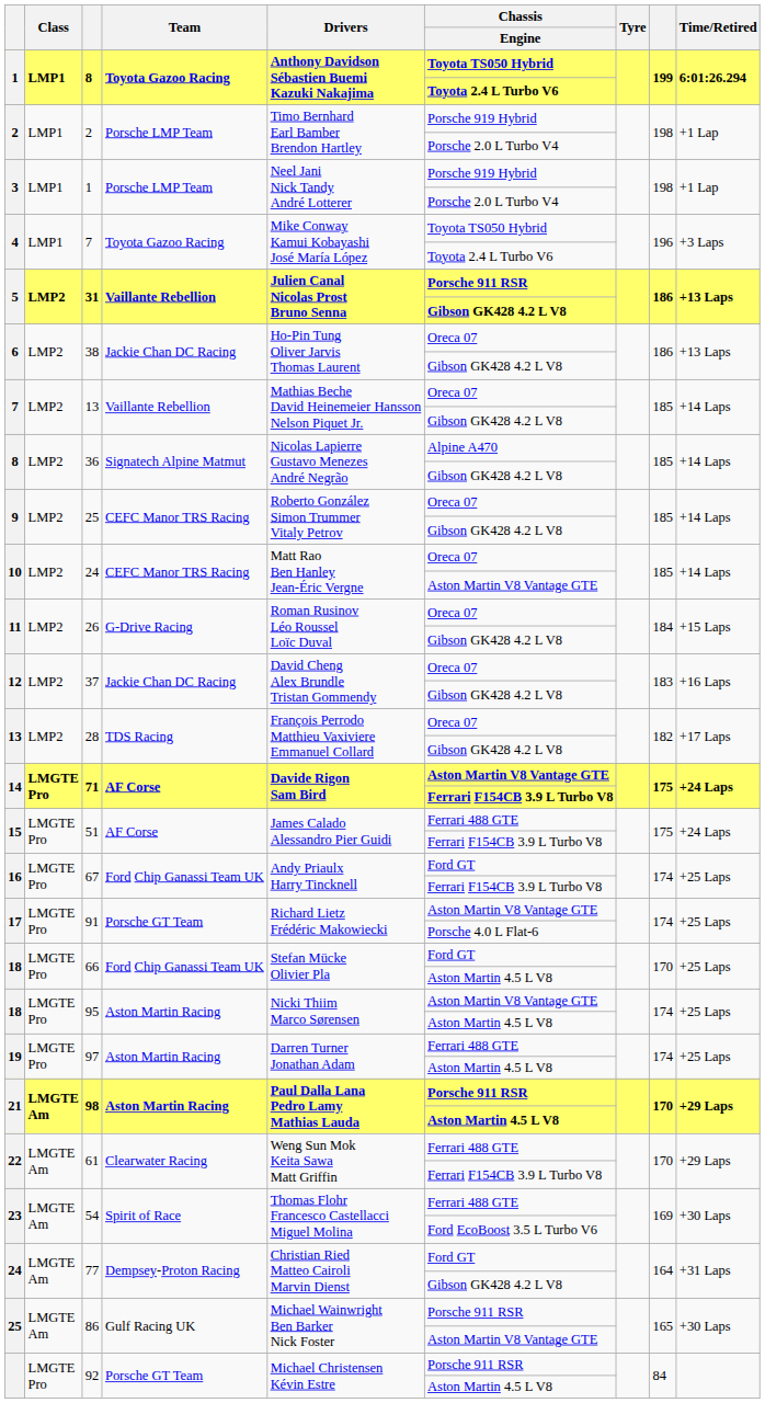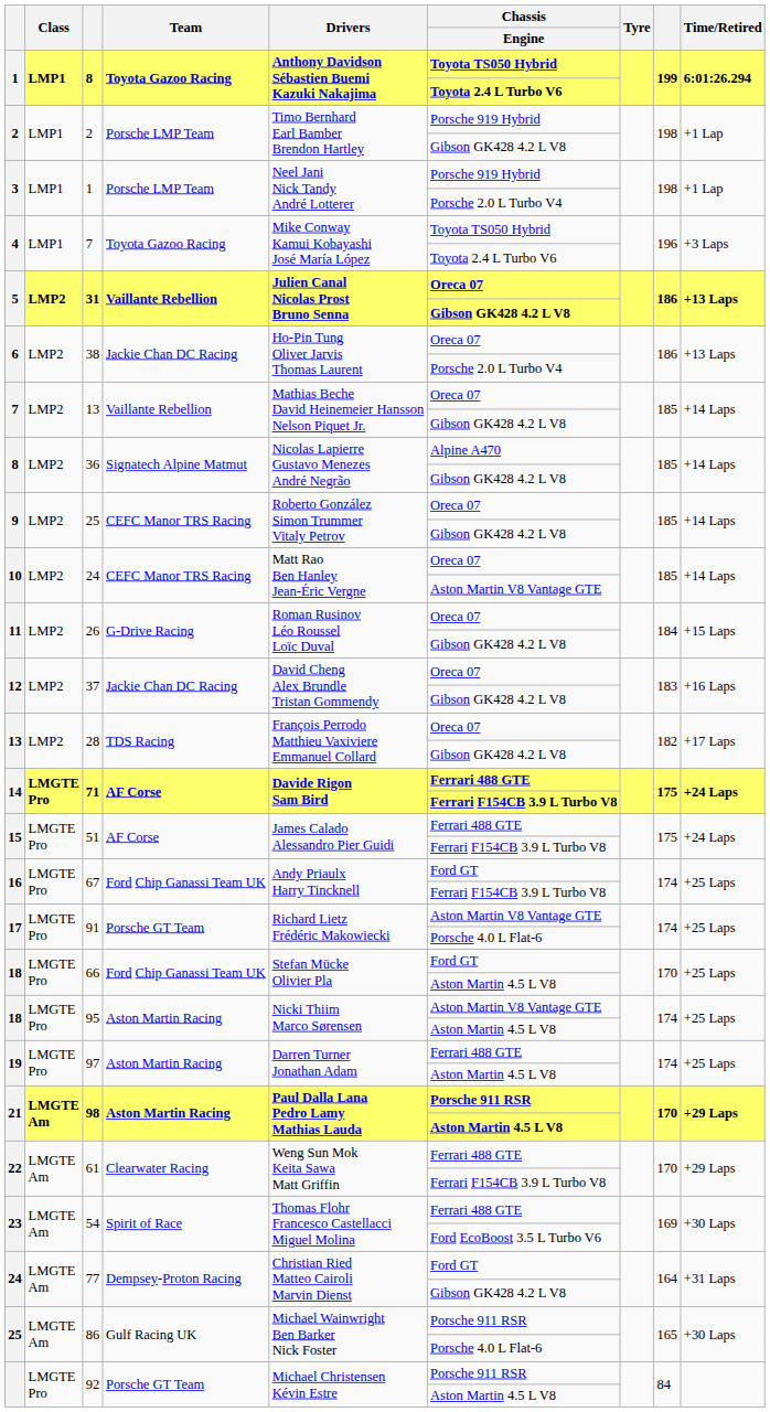 <table class="wikitable" style="font-size: 95%;">
 <tr>
 <th rowspan="2"></th>
 <th rowspan="2">Class</th>
 <th rowspan="2"></th>
 <th rowspan="2">Team</th>
 <th rowspan="2">Drivers</th>
 <th>Chassis</th>
 <th rowspan="2">Tyre</th>
 <th rowspan="2"></th>
 <th rowspan="2">Time/Retired</th>
 </tr>
 <tr>
 <th>Engine</th>
 </tr>
 <tr style="font-weight:bold" bgcolor="FFFF6B">
 <th rowspan=2>1</th>
 <td rowspan=2>LMP1</td>
 <td rowspan=2>8</td>
 <td rowspan=2> <a href='#'>Toyota Gazoo Racing</a></td>
 <td rowspan=2> <a href='#'>Anthony Davidson</a><br> <a href='#'>Sébastien Buemi</a><br> <a href='#'>Kazuki Nakajima</a></td>
 <td><a href='#'>Toyota TS050 Hybrid</a></td>
 <td rowspan=2></td>
 <td rowspan=2>199</td>
 <td rowspan=2>6:01:26.294</td>
 </tr>
 <tr style="font-weight:bold" bgcolor="FFFF6B">
 <td><a href='#'>Toyota</a> 2.4 L Turbo V6</td>
 </tr>
 <tr>
 <th rowspan=2>2</th>
 <td rowspan=2>LMP1</td>
 <td rowspan=2>2</td>
 <td rowspan=2> <a href='#'>Porsche LMP Team</a></td>
 <td rowspan=2> <a href='#'>Timo Bernhard</a><br> <a href='#'>Earl Bamber</a><br> <a href='#'>Brendon Hartley</a></td>
 <td><a href='#'>Porsche 919 Hybrid</a></td>
 <td rowspan=2></td>
 <td rowspan=2>198</td>
 <td rowspan=2>+1 Lap</td>
 </tr>
 <tr>
-<td><a href='#'>Porsche</a> 2.0 L Turbo V4</td>
+<td><a href='#'>Gibson</a> GK428 4.2 L V8</td>
 </tr>
 <tr>
 <th rowspan=2>3</th>
 <td rowspan=2>LMP1</td>
 <td rowspan=2>1</td>
 <td rowspan=2> <a href='#'>Porsche LMP Team</a></td>
 <td rowspan=2> <a href='#'>Neel Jani</a><br> <a href='#'>Nick Tandy</a><br> <a href='#'>André Lotterer</a></td>
 <td><a href='#'>Porsche 919 Hybrid</a></td>
 <td rowspan=2></td>
 <td rowspan=2>198</td>
 <td rowspan=2>+1 Lap</td>
 </tr>
 <tr>
 <td><a href='#'>Porsche</a> 2.0 L Turbo V4</td>
 </tr>
 <tr>
 <th rowspan=2>4</th>
 <td rowspan=2>LMP1</td>
 <td rowspan=2>7</td>
 <td rowspan=2> <a href='#'>Toyota Gazoo Racing</a></td>
 <td rowspan=2> <a href='#'>Mike Conway</a><br> <a href='#'>Kamui Kobayashi</a><br> <a href='#'>José María López</a></td>
 <td><a href='#'>Toyota TS050 Hybrid</a></td>
 <td rowspan=2></td>
 <td rowspan=2>196</td>
 <td rowspan=2>+3 Laps</td>
 </tr>
 <tr>
 <td><a href='#'>Toyota</a> 2.4 L Turbo V6</td>
 </tr>
 <tr style="font-weight:bold" bgcolor="FFFF6B">
 <th rowspan=2>5</th>
 <td rowspan=2>LMP2</td>
 <td rowspan=2>31</td>
 <td rowspan=2> <a href='#'>Vaillante Rebellion</a></td>
 <td rowspan=2> <a href='#'>Julien Canal</a><br> <a href='#'>Nicolas Prost</a><br> <a href='#'>Bruno Senna</a></td>
-<td><a href='#'>Porsche 911 RSR</a></td>
+<td><a href='#'>Oreca 07</a></td>
 <td rowspan=2></td>
 <td rowspan=2>186</td>
 <td rowspan=2>+13 Laps</td>
 </tr>
 <tr style="font-weight:bold" bgcolor="FFFF6B">
 <td><a href='#'>Gibson</a> GK428 4.2 L V8</td>
 </tr>
 <tr>
 <th rowspan=2>6</th>
 <td rowspan=2>LMP2</td>
 <td rowspan=2>38</td>
 <td rowspan=2> <a href='#'>Jackie Chan DC Racing</a></td>
 <td rowspan=2> <a href='#'>Ho-Pin Tung</a><br> <a href='#'>Oliver Jarvis</a><br> <a href='#'>Thomas Laurent</a></td>
 <td><a href='#'>Oreca 07</a></td>
 <td rowspan=2></td>
 <td rowspan=2>186</td>
 <td rowspan=2>+13 Laps</td>
 </tr>
 <tr>
-<td><a href='#'>Gibson</a> GK428 4.2 L V8</td>
+<td><a href='#'>Porsche</a> 2.0 L Turbo V4</td>
 </tr>
 <tr>
 <th rowspan=2>7</th>
 <td rowspan=2>LMP2</td>
 <td rowspan=2>13</td>
 <td rowspan=2> <a href='#'>Vaillante Rebellion</a></td>
 <td rowspan=2> <a href='#'>Mathias Beche</a><br> <a href='#'>David Heinemeier Hansson</a><br> <a href='#'>Nelson Piquet Jr.</a></td>
 <td><a href='#'>Oreca 07</a></td>
 <td rowspan=2></td>
 <td rowspan=2>185</td>
 <td rowspan=2>+14 Laps</td>
 </tr>
 <tr>
 <td><a href='#'>Gibson</a> GK428 4.2 L V8</td>
 </tr>
 <tr>
 <th rowspan=2>8</th>
 <td rowspan=2>LMP2</td>
 <td rowspan=2>36</td>
 <td rowspan=2> <a href='#'>Signatech Alpine Matmut</a></td>
 <td rowspan=2> <a href='#'>Nicolas Lapierre</a><br> <a href='#'>Gustavo Menezes</a><br> <a href='#'>André Negrão</a></td>
 <td><a href='#'>Alpine A470</a></td>
 <td rowspan=2></td>
 <td rowspan=2>185</td>
 <td rowspan=2>+14 Laps</td>
 </tr>
 <tr>
 <td><a href='#'>Gibson</a> GK428 4.2 L V8</td>
 </tr>
 <tr>
 <th rowspan=2>9</th>
 <td rowspan=2>LMP2</td>
 <td rowspan=2>25</td>
 <td rowspan=2> <a href='#'>CEFC Manor TRS Racing</a></td>
 <td rowspan=2> <a href='#'>Roberto González</a><br> <a href='#'>Simon Trummer</a><br> <a href='#'>Vitaly Petrov</a></td>
 <td><a href='#'>Oreca 07</a></td>
 <td rowspan=2></td>
 <td rowspan=2>185</td>
 <td rowspan=2>+14 Laps</td>
 </tr>
 <tr>
 <td><a href='#'>Gibson</a> GK428 4.2 L V8</td>
 </tr>
 <tr>
 <th rowspan=2>10</th>
 <td rowspan=2>LMP2</td>
 <td rowspan=2>24</td>
 <td rowspan=2> <a href='#'>CEFC Manor TRS Racing</a></td>
 <td rowspan=2> Matt Rao<br> <a href='#'>Ben Hanley</a><br> <a href='#'>Jean-Éric Vergne</a></td>
 <td><a href='#'>Oreca 07</a></td>
 <td rowspan=2></td>
 <td rowspan=2>185</td>
 <td rowspan=2>+14 Laps</td>
 </tr>
 <tr>
 <td><a href='#'>Aston Martin V8 Vantage GTE</a></td>
 </tr>
 <tr>
 <th rowspan=2>11</th>
 <td rowspan=2>LMP2</td>
 <td rowspan=2>26</td>
 <td rowspan=2> <a href='#'>G-Drive Racing</a></td>
 <td rowspan=2> <a href='#'>Roman Rusinov</a><br> <a href='#'>Léo Roussel</a><br> <a href='#'>Loïc Duval</a></td>
 <td><a href='#'>Oreca 07</a></td>
 <td rowspan=2></td>
 <td rowspan=2>184</td>
 <td rowspan=2>+15 Laps</td>
 </tr>
 <tr>
 <td><a href='#'>Gibson</a> GK428 4.2 L V8</td>
 </tr>
 <tr>
 <th rowspan=2>12</th>
 <td rowspan=2>LMP2</td>
 <td rowspan=2>37</td>
 <td rowspan=2> <a href='#'>Jackie Chan DC Racing</a></td>
 <td rowspan=2> <a href='#'>David Cheng</a><br> <a href='#'>Alex Brundle</a><br> <a href='#'>Tristan Gommendy</a></td>
 <td><a href='#'>Oreca 07</a></td>
 <td rowspan=2></td>
 <td rowspan=2>183</td>
 <td rowspan=2>+16 Laps</td>
 </tr>
 <tr>
 <td><a href='#'>Gibson</a> GK428 4.2 L V8</td>
 </tr>
 <tr>
 <th rowspan=2>13</th>
 <td rowspan=2>LMP2</td>
 <td rowspan=2>28</td>
 <td rowspan=2> <a href='#'>TDS Racing</a></td>
 <td rowspan=2> <a href='#'>François Perrodo</a><br> <a href='#'>Matthieu Vaxiviere</a><br> <a href='#'>Emmanuel Collard</a></td>
 <td><a href='#'>Oreca 07</a></td>
 <td rowspan=2></td>
 <td rowspan=2>182</td>
 <td rowspan=2>+17 Laps</td>
 </tr>
 <tr>
 <td><a href='#'>Gibson</a> GK428 4.2 L V8</td>
 </tr>
 <tr style="font-weight:bold" bgcolor="FFFF6B">
 <th rowspan=2>14</th>
 <td rowspan=2>LMGTE<br>Pro</td>
 <td rowspan=2>71</td>
 <td rowspan=2> <a href='#'>AF Corse</a></td>
 <td rowspan=2> <a href='#'>Davide Rigon</a><br> <a href='#'>Sam Bird</a></td>
-<td><a href='#'>Aston Martin V8 Vantage GTE</a></td>
+<td><a href='#'>Ferrari 488 GTE</a></td>
 <td rowspan=2></td>
 <td rowspan=2>175</td>
 <td rowspan=2>+24 Laps</td>
 </tr>
 <tr style="font-weight:bold" bgcolor="FFFF6B">
 <td><a href='#'>Ferrari</a> <a href='#'>F154CB</a> 3.9 L Turbo V8</td>
 </tr>
 <tr>
 <th rowspan=2>15</th>
 <td rowspan=2>LMGTE<br>Pro</td>
 <td rowspan=2>51</td>
 <td rowspan=2> <a href='#'>AF Corse</a></td>
 <td rowspan=2> <a href='#'>James Calado</a><br> <a href='#'>Alessandro Pier Guidi</a></td>
 <td><a href='#'>Ferrari 488 GTE</a></td>
 <td rowspan=2></td>
 <td rowspan=2>175</td>
 <td rowspan=2>+24 Laps</td>
 </tr>
 <tr>
 <td><a href='#'>Ferrari</a> <a href='#'>F154CB</a> 3.9 L Turbo V8</td>
 </tr>
 <tr>
 <th rowspan=2>16</th>
 <td rowspan=2>LMGTE<br>Pro</td>
 <td rowspan=2>67</td>
 <td rowspan=2> <a href='#'>Ford</a> <a href='#'>Chip Ganassi Team UK</a></td>
 <td rowspan=2> <a href='#'>Andy Priaulx</a><br> <a href='#'>Harry Tincknell</a></td>
 <td><a href='#'>Ford GT</a></td>
 <td rowspan=2></td>
 <td rowspan=2>174</td>
 <td rowspan=2>+25 Laps</td>
 </tr>
 <tr>
 <td><a href='#'>Ferrari</a> <a href='#'>F154CB</a> 3.9 L Turbo V8</td>
 </tr>
 <tr>
 <th rowspan=2>17</th>
 <td rowspan=2>LMGTE<br>Pro</td>
 <td rowspan=2>91</td>
 <td rowspan=2> <a href='#'>Porsche GT Team</a></td>
 <td rowspan=2> <a href='#'>Richard Lietz</a><br> <a href='#'>Frédéric Makowiecki</a></td>
 <td><a href='#'>Aston Martin V8 Vantage GTE</a></td>
 <td rowspan=2></td>
 <td rowspan=2>174</td>
 <td rowspan=2>+25 Laps</td>
 </tr>
 <tr>
 <td><a href='#'>Porsche</a> 4.0 L Flat-6</td>
 </tr>
 <tr>
 <th rowspan=2>18</th>
 <td rowspan=2>LMGTE<br>Pro</td>
 <td rowspan=2>66</td>
 <td rowspan=2> <a href='#'>Ford</a> <a href='#'>Chip Ganassi Team UK</a></td>
 <td rowspan=2> <a href='#'>Stefan Mücke</a><br> <a href='#'>Olivier Pla</a></td>
 <td><a href='#'>Ford GT</a></td>
 <td rowspan=2></td>
 <td rowspan=2>170</td>
 <td rowspan=2>+25 Laps</td>
 </tr>
 <tr>
 <td><a href='#'>Aston Martin</a> 4.5 L V8</td>
 </tr>
 <tr>
 <th rowspan=2>18</th>
 <td rowspan=2>LMGTE<br>Pro</td>
 <td rowspan=2>95</td>
 <td rowspan=2> <a href='#'>Aston Martin Racing</a></td>
 <td rowspan=2> <a href='#'>Nicki Thiim</a><br> <a href='#'>Marco Sørensen</a></td>
 <td><a href='#'>Aston Martin V8 Vantage GTE</a></td>
 <td rowspan=2></td>
 <td rowspan=2>174</td>
 <td rowspan=2>+25 Laps</td>
 </tr>
 <tr>
 <td><a href='#'>Aston Martin</a> 4.5 L V8</td>
 </tr>
 <tr>
 <th rowspan=2>19</th>
 <td rowspan=2>LMGTE<br>Pro</td>
 <td rowspan=2>97</td>
 <td rowspan=2> <a href='#'>Aston Martin Racing</a></td>
 <td rowspan=2> <a href='#'>Darren Turner</a><br> <a href='#'>Jonathan Adam</a></td>
 <td><a href='#'>Ferrari 488 GTE</a></td>
 <td rowspan=2></td>
 <td rowspan=2>174</td>
 <td rowspan=2>+25 Laps</td>
 </tr>
 <tr>
 <td><a href='#'>Aston Martin</a> 4.5 L V8</td>
 </tr>
 <tr style="font-weight:bold" bgcolor="FFFF6B">
 <th rowspan=2>21</th>
 <td rowspan=2>LMGTE<br>Am</td>
 <td rowspan=2>98</td>
 <td rowspan=2> <a href='#'>Aston Martin Racing</a></td>
 <td rowspan=2> <a href='#'>Paul Dalla Lana</a><br> <a href='#'>Pedro Lamy</a><br> <a href='#'>Mathias Lauda</a></td>
 <td><a href='#'>Porsche 911 RSR</a></td>
 <td rowspan=2></td>
 <td rowspan=2>170</td>
 <td rowspan=2>+29 Laps</td>
 </tr>
 <tr style="font-weight:bold" bgcolor="FFFF6B">
 <td><a href='#'>Aston Martin</a> 4.5 L V8</td>
 </tr>
 <tr>
 <th rowspan=2>22</th>
 <td rowspan=2>LMGTE<br>Am</td>
 <td rowspan=2>61</td>
 <td rowspan=2> <a href='#'>Clearwater Racing</a></td>
 <td rowspan=2> Weng Sun Mok<br> <a href='#'>Keita Sawa</a><br> Matt Griffin</td>
 <td><a href='#'>Ferrari 488 GTE</a></td>
 <td rowspan=2></td>
 <td rowspan=2>170</td>
 <td rowspan=2>+29 Laps</td>
 </tr>
 <tr>
 <td><a href='#'>Ferrari</a> <a href='#'>F154CB</a> 3.9 L Turbo V8</td>
 </tr>
 <tr>
 <th rowspan=2>23</th>
 <td rowspan=2>LMGTE<br>Am</td>
 <td rowspan=2>54</td>
 <td rowspan=2> <a href='#'>Spirit of Race</a></td>
 <td rowspan=2> <a href='#'>Thomas Flohr</a><br> <a href='#'>Francesco Castellacci</a><br> <a href='#'>Miguel Molina</a></td>
 <td><a href='#'>Ferrari 488 GTE</a></td>
 <td rowspan=2></td>
 <td rowspan=2>169</td>
 <td rowspan=2>+30 Laps</td>
 </tr>
 <tr>
 <td><a href='#'>Ford</a> <a href='#'>EcoBoost</a> 3.5 L Turbo V6</td>
 </tr>
 <tr>
 <th rowspan=2>24</th>
 <td rowspan=2>LMGTE<br>Am</td>
 <td rowspan=2>77</td>
 <td rowspan=2> <a href='#'>Dempsey</a>-<a href='#'>Proton Racing</a></td>
 <td rowspan=2> <a href='#'>Christian Ried</a><br> <a href='#'>Matteo Cairoli</a><br> <a href='#'>Marvin Dienst</a></td>
 <td><a href='#'>Ford GT</a></td>
 <td rowspan=2></td>
 <td rowspan=2>164</td>
 <td rowspan=2>+31 Laps</td>
 </tr>
 <tr>
 <td><a href='#'>Gibson</a> GK428 4.2 L V8</td>
 </tr>
 <tr>
 <th rowspan=2>25</th>
 <td rowspan=2>LMGTE<br>Am</td>
 <td rowspan=2>86</td>
 <td rowspan=2> Gulf Racing UK</td>
 <td rowspan=2> <a href='#'>Michael Wainwright</a><br> <a href='#'>Ben Barker</a><br> Nick Foster</td>
 <td><a href='#'>Porsche 911 RSR</a></td>
 <td rowspan=2></td>
 <td rowspan=2>165</td>
 <td rowspan=2>+30 Laps</td>
 </tr>
 <tr>
-<td><a href='#'>Aston Martin V8 Vantage GTE</a></td>
+<td><a href='#'>Porsche</a> 4.0 L Flat-6</td>
 </tr>
 <tr>
 <th rowspan=2></th>
 <td rowspan=2>LMGTE<br>Pro</td>
 <td rowspan=2>92</td>
 <td rowspan=2> <a href='#'>Porsche GT Team</a></td>
 <td rowspan=2> <a href='#'>Michael Christensen</a><br> <a href='#'>Kévin Estre</a></td>
 <td><a href='#'>Porsche 911 RSR</a></td>
 <td rowspan=2></td>
 <td rowspan=2>84</td>
 <td rowspan=2></td>
 </tr>
 <tr>
 <td><a href='#'>Aston Martin</a> 4.5 L V8</td>
 </tr>
 </table>
